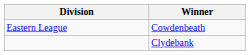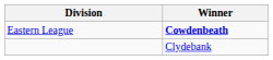 <table class="wikitable">
 <tr>
 <th width=230>Division</th>
 <th width=150>Winner</th>
 </tr>
 <tr>
 <td><a href='#'>Eastern League</a></td>
-<td><a href='#'>Cowdenbeath</a></td>
+<td><strong><a href='#'>Cowdenbeath</a></strong></td>
 </tr>
 <tr>
 <td></td>
 <td><a href='#'>Clydebank</a></td>
 </tr>
 </table>
